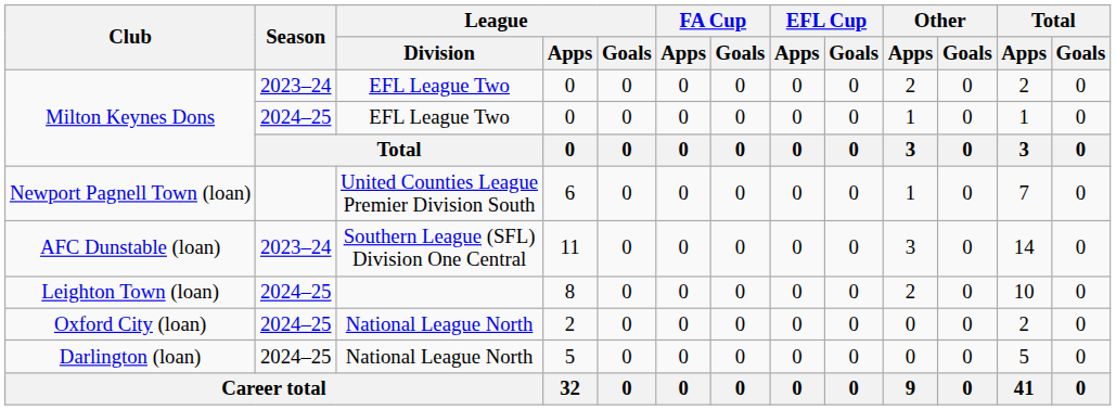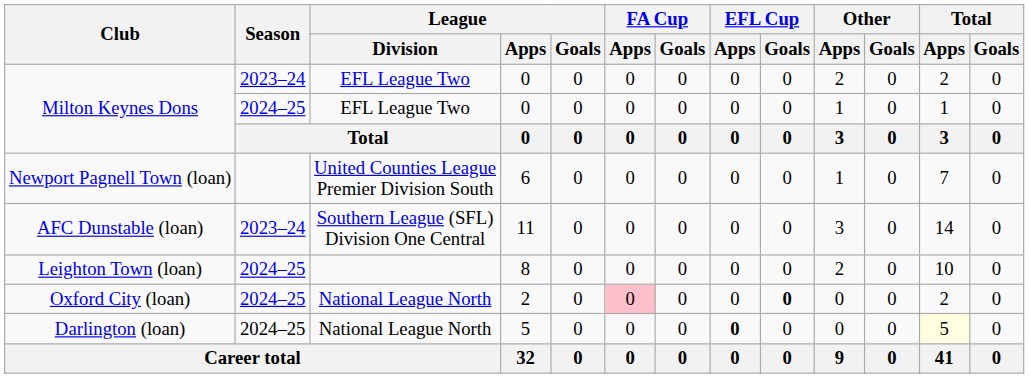 <table class="wikitable" style="text-align:center;">
 <tr>
 <th rowspan="2">Club</th>
 <th rowspan="2">Season</th>
 <th colspan="3">League</th>
 <th colspan="2"><a href='#'>FA Cup</a></th>
 <th colspan="2"><a href='#'>EFL Cup</a></th>
 <th colspan="2">Other</th>
 <th colspan="2">Total</th>
 </tr>
 <tr>
 <th>Division</th>
 <th>Apps</th>
 <th>Goals</th>
 <th>Apps</th>
 <th>Goals</th>
 <th>Apps</th>
 <th>Goals</th>
 <th>Apps</th>
 <th>Goals</th>
 <th>Apps</th>
 <th>Goals</th>
 </tr>
 <tr>
 <td rowspan="3"><a href='#'>Milton Keynes Dons</a></td>
 <td><a href='#'>2023–24</a></td>
 <td><a href='#'>EFL League Two</a></td>
 <td>0</td>
 <td>0</td>
 <td>0</td>
 <td>0</td>
 <td>0</td>
 <td>0</td>
 <td>2</td>
 <td>0</td>
 <td>2</td>
 <td>0</td>
 </tr>
 <tr>
 <td><a href='#'>2024–25</a></td>
 <td>EFL League Two</td>
 <td>0</td>
 <td>0</td>
 <td>0</td>
 <td>0</td>
 <td>0</td>
 <td>0</td>
 <td>1</td>
 <td>0</td>
 <td>1</td>
 <td>0</td>
 </tr>
 <tr>
 <th colspan="2">Total</th>
 <th>0</th>
 <th>0</th>
 <th>0</th>
 <th>0</th>
 <th>0</th>
 <th>0</th>
 <th>3</th>
 <th>0</th>
 <th>3</th>
 <th>0</th>
 </tr>
 <tr>
 <td><a href='#'>Newport Pagnell Town</a> (loan)</td>
 <td></td>
 <td><a href='#'>United Counties League</a><br>Premier Division South</td>
 <td>6</td>
 <td>0</td>
 <td>0</td>
 <td>0</td>
 <td>0</td>
 <td>0</td>
 <td>1</td>
 <td>0</td>
 <td>7</td>
 <td>0</td>
 </tr>
 <tr>
 <td><a href='#'>AFC Dunstable</a> (loan)</td>
 <td><a href='#'>2023–24</a></td>
 <td><a href='#'>Southern League</a> (SFL)<br>Division One Central</td>
 <td>11</td>
 <td>0</td>
 <td>0</td>
 <td>0</td>
 <td>0</td>
 <td>0</td>
 <td>3</td>
 <td>0</td>
 <td>14</td>
 <td>0</td>
 </tr>
 <tr>
 <td><a href='#'>Leighton Town</a> (loan)</td>
 <td><a href='#'>2024–25</a></td>
 <td></td>
 <td>8</td>
 <td>0</td>
 <td>0</td>
 <td>0</td>
 <td>0</td>
 <td>0</td>
 <td>2</td>
 <td>0</td>
 <td>10</td>
 <td>0</td>
 </tr>
 <tr>
 <td><a href='#'>Oxford City</a> (loan)</td>
 <td><a href='#'>2024–25</a></td>
 <td><a href='#'>National League North</a></td>
 <td>2</td>
 <td>0</td>
+<td style="background: pink;">0</td>
 <td>0</td>
 <td>0</td>
-<td>0</td>
-<td>0</td>
+<td><strong>0</strong></td>
 <td>0</td>
 <td>0</td>
 <td>2</td>
 <td>0</td>
 </tr>
 <tr>
 <td><a href='#'>Darlington</a> (loan)</td>
 <td>2024–25</td>
 <td>National League North</td>
 <td>5</td>
 <td>0</td>
 <td>0</td>
 <td>0</td>
+<td><strong>0</strong></td>
 <td>0</td>
 <td>0</td>
 <td>0</td>
-<td>0</td>
-<td>5</td>
+<td style="background: lightyellow;">5</td>
 <td>0</td>
 </tr>
 <tr>
 <th colspan="3">Career total</th>
 <th>32</th>
 <th>0</th>
 <th>0</th>
 <th>0</th>
 <th>0</th>
 <th>0</th>
 <th>9</th>
 <th>0</th>
 <th>41</th>
 <th>0</th>
 </tr>
 </table>
